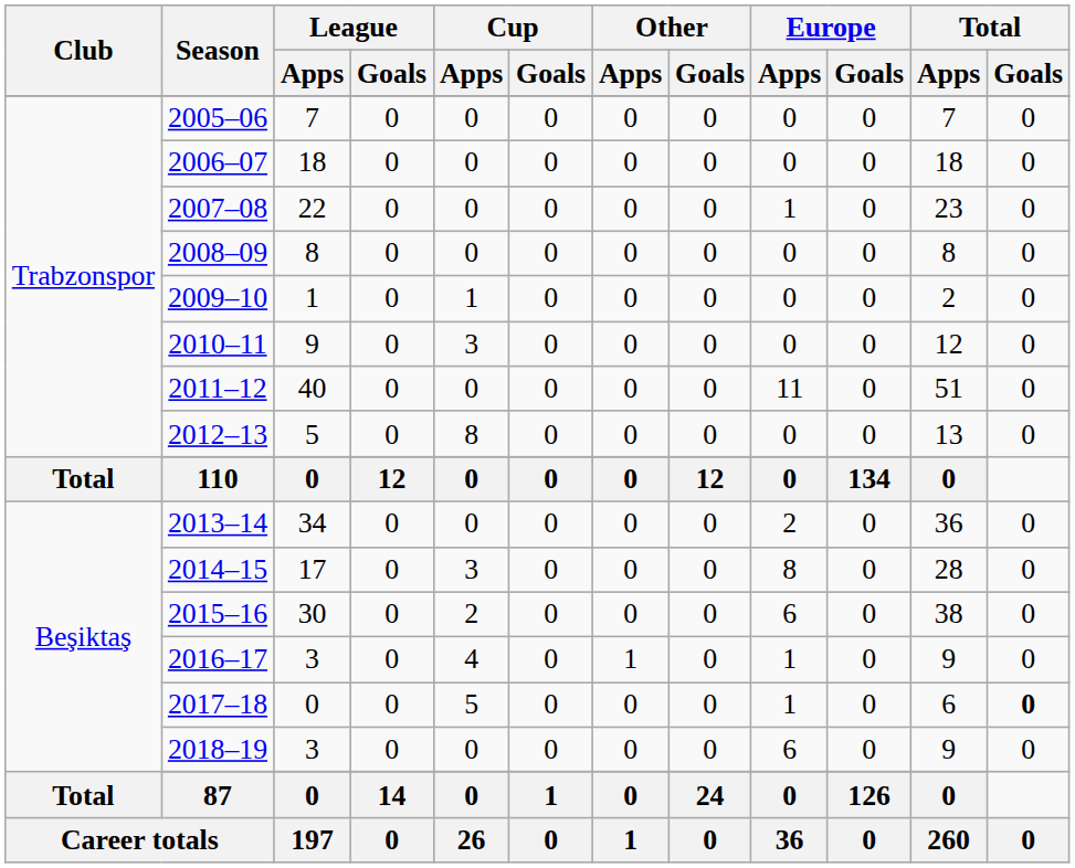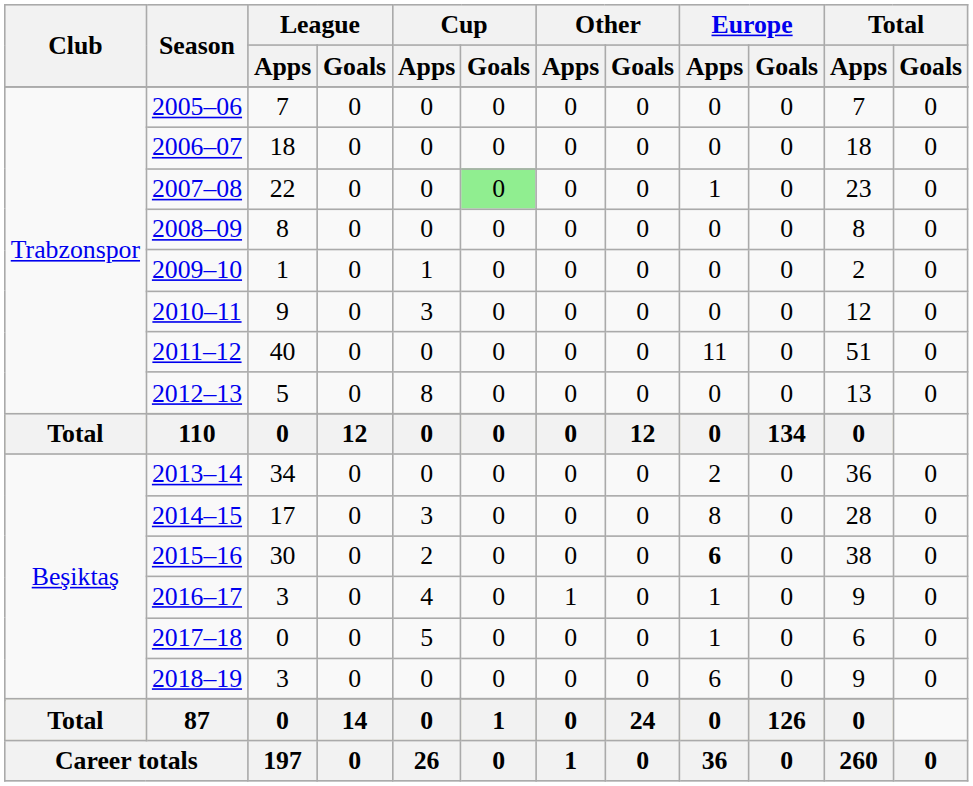 <table class="wikitable" style="text-align: center;">
 <tr>
 <th rowspan="2">Club</th>
 <th rowspan="2">Season</th>
 <th colspan="2">League</th>
 <th colspan="2">Cup</th>
 <th colspan="2">Other</th>
 <th colspan="2"><a href='#'>Europe</a></th>
 <th colspan="2">Total</th>
 </tr>
 <tr>
 <th>Apps</th>
 <th>Goals</th>
 <th>Apps</th>
 <th>Goals</th>
 <th>Apps</th>
 <th>Goals</th>
 <th>Apps</th>
 <th>Goals</th>
 <th>Apps</th>
 <th>Goals</th>
 </tr>
 <tr>
 </tr>
 <tr style="text-align:center;">
 <td rowspan="9" style="vertical-align:center;"><a href='#'>Trabzonspor</a></td>
 <td><a href='#'>2005–06</a></td>
 <td>7</td>
 <td>0</td>
 <td>0</td>
 <td>0</td>
 <td>0</td>
 <td>0</td>
 <td>0</td>
 <td>0</td>
 <td>7</td>
 <td>0</td>
 </tr>
 <tr>
 <td><a href='#'>2006–07</a></td>
 <td>18</td>
 <td>0</td>
 <td>0</td>
 <td>0</td>
 <td>0</td>
 <td>0</td>
 <td>0</td>
 <td>0</td>
 <td>18</td>
 <td>0</td>
 </tr>
 <tr>
 <td><a href='#'>2007–08</a></td>
 <td>22</td>
 <td>0</td>
 <td>0</td>
-<td>0</td>
+<td style="background: lightgreen;">0</td>
 <td>0</td>
 <td>0</td>
 <td>1</td>
 <td>0</td>
 <td>23</td>
 <td>0</td>
 </tr>
 <tr>
 <td><a href='#'>2008–09</a></td>
 <td>8</td>
 <td>0</td>
 <td>0</td>
 <td>0</td>
 <td>0</td>
 <td>0</td>
 <td>0</td>
 <td>0</td>
 <td>8</td>
 <td>0</td>
 </tr>
 <tr>
 <td><a href='#'>2009–10</a></td>
 <td>1</td>
 <td>0</td>
 <td>1</td>
 <td>0</td>
 <td>0</td>
 <td>0</td>
 <td>0</td>
 <td>0</td>
 <td>2</td>
 <td>0</td>
 </tr>
 <tr>
 <td><a href='#'>2010–11</a></td>
 <td>9</td>
 <td>0</td>
 <td>3</td>
 <td>0</td>
 <td>0</td>
 <td>0</td>
 <td>0</td>
 <td>0</td>
 <td>12</td>
 <td>0</td>
 </tr>
 <tr>
 <td><a href='#'>2011–12</a></td>
 <td>40</td>
 <td>0</td>
 <td>0</td>
 <td>0</td>
 <td>0</td>
 <td>0</td>
 <td>11</td>
 <td>0</td>
 <td>51</td>
 <td>0</td>
 </tr>
 <tr>
 <td><a href='#'>2012–13</a></td>
 <td>5</td>
 <td>0</td>
 <td>8</td>
 <td>0</td>
 <td>0</td>
 <td>0</td>
 <td>0</td>
 <td>0</td>
 <td>13</td>
 <td>0</td>
 </tr>
 <tr>
 </tr>
 <tr style="background:lemonchiffon">
 <th>Total</th>
 <th>110</th>
 <th>0</th>
 <th>12</th>
 <th>0</th>
 <th>0</th>
 <th>0</th>
 <th>12</th>
 <th>0</th>
 <th>134</th>
 <th>0</th>
 </tr>
 <tr>
 <td rowspan="7" style="vertical-align:center;"><a href='#'>Beşiktaş</a></td>
 <td><a href='#'>2013–14</a></td>
 <td>34</td>
 <td>0</td>
 <td>0</td>
 <td>0</td>
 <td>0</td>
 <td>0</td>
 <td>2</td>
 <td>0</td>
 <td>36</td>
 <td>0</td>
 </tr>
 <tr>
 <td><a href='#'>2014–15</a></td>
 <td>17</td>
 <td>0</td>
 <td>3</td>
 <td>0</td>
 <td>0</td>
 <td>0</td>
 <td>8</td>
 <td>0</td>
 <td>28</td>
 <td>0</td>
 </tr>
 <tr>
 <td><a href='#'>2015–16</a></td>
 <td>30</td>
 <td>0</td>
 <td>2</td>
 <td>0</td>
 <td>0</td>
 <td>0</td>
-<td>6</td>
+<td><strong>6</strong></td>
 <td>0</td>
 <td>38</td>
 <td>0</td>
 </tr>
 <tr>
 <td><a href='#'>2016–17</a></td>
 <td>3</td>
 <td>0</td>
 <td>4</td>
 <td>0</td>
 <td>1</td>
 <td>0</td>
 <td>1</td>
 <td>0</td>
 <td>9</td>
 <td>0</td>
 </tr>
 <tr>
 <td><a href='#'>2017–18</a></td>
 <td>0</td>
 <td>0</td>
 <td>5</td>
 <td>0</td>
 <td>0</td>
 <td>0</td>
 <td>1</td>
 <td>0</td>
 <td>6</td>
-<td><strong>0</strong></td>
+<td>0</td>
 </tr>
 <tr>
 <td><a href='#'>2018–19</a></td>
 <td>3</td>
 <td>0</td>
 <td>0</td>
 <td>0</td>
 <td>0</td>
 <td>0</td>
 <td>6</td>
 <td>0</td>
 <td>9</td>
 <td>0</td>
 </tr>
 <tr>
 </tr>
 <tr style="background:lemonchiffon">
 <th>Total</th>
 <th>87</th>
 <th>0</th>
 <th>14</th>
 <th>0</th>
 <th>1</th>
 <th>0</th>
 <th>24</th>
 <th>0</th>
 <th>126</th>
 <th>0</th>
 </tr>
 <tr>
 <th colspan="2">Career totals</th>
 <th>197</th>
 <th>0</th>
 <th>26</th>
 <th>0</th>
 <th>1</th>
 <th>0</th>
 <th>36</th>
 <th>0</th>
 <th>260</th>
 <th>0</th>
 </tr>
 </table>
